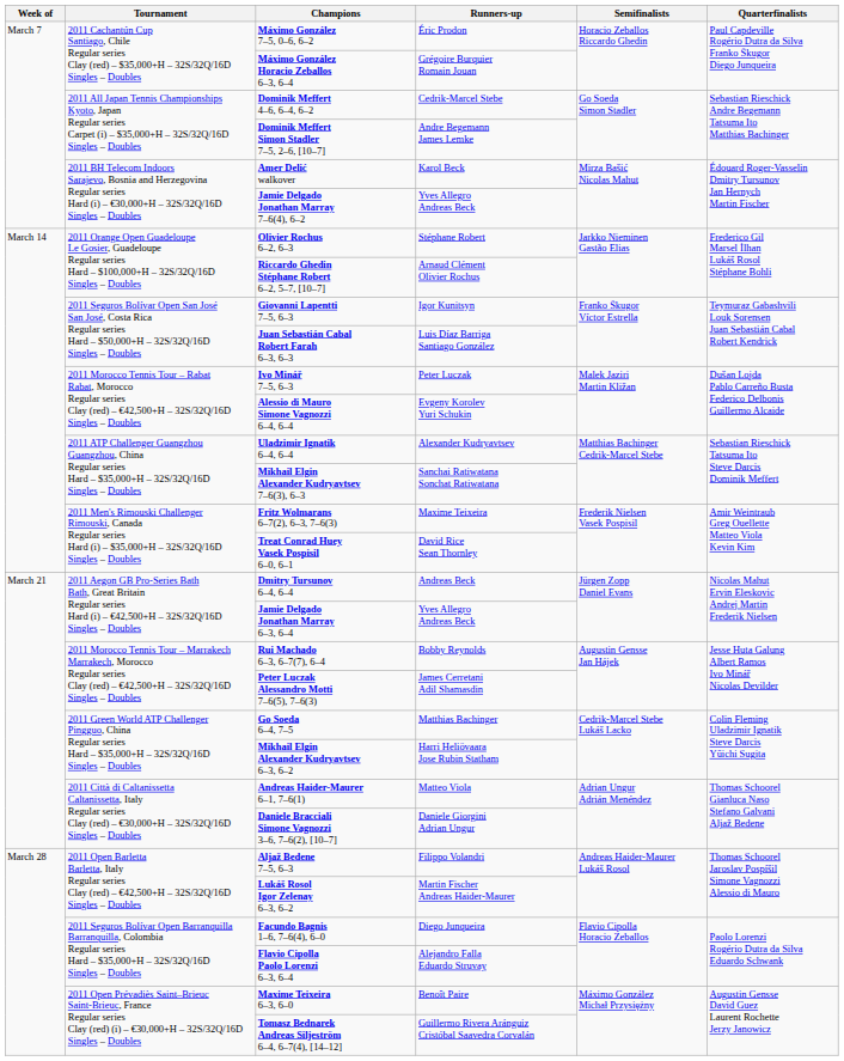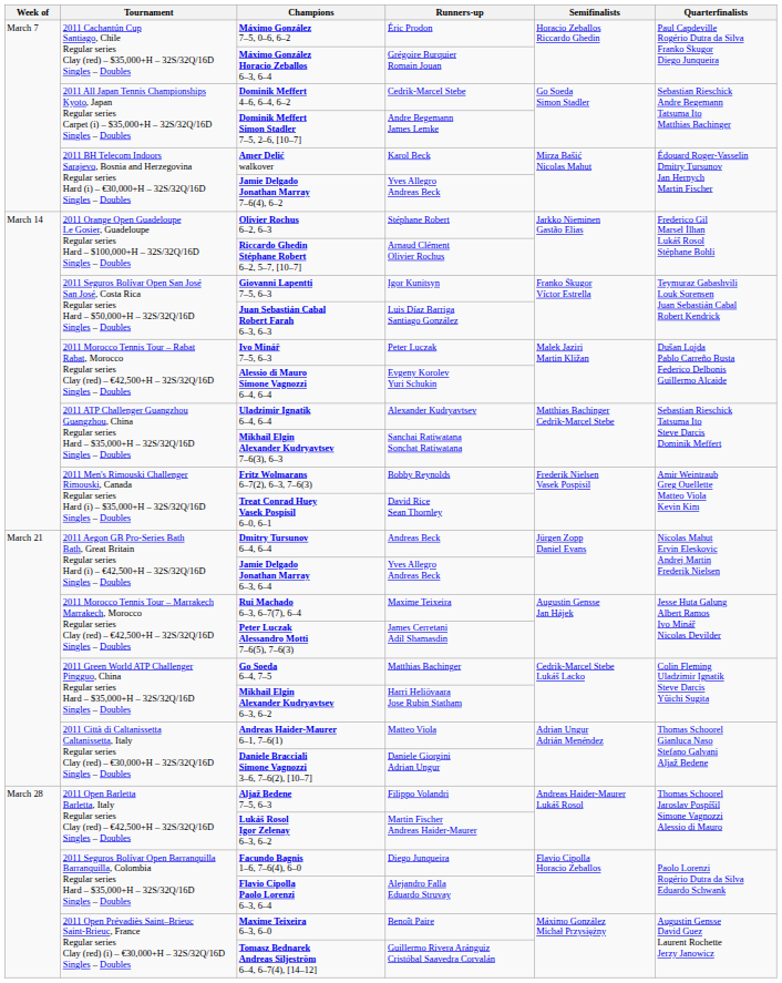 <table class=wikitable style=font-size:85%>
 <tr>
 <th width=75>Week of</th>
 <th width=250>Tournament</th>
 <th width=210>Champions</th>
 <th width=210>Runners-up</th>
 <th width=170>Semifinalists</th>
 <th width=170>Quarterfinalists</th>
 </tr>
 <tr valign=top>
 <td rowspan=6>March 7</td>
 <td rowspan=2><a href='#'>2011 Cachantún Cup</a><br> <a href='#'>Santiago</a>, Chile<br>Regular series<br>Clay (red) – $35,000+H – 32S/32Q/16D<br><a href='#'>Singles</a> – <a href='#'>Doubles</a></td>
 <td> <strong><a href='#'>Máximo González</a></strong><br>7–5, 0–6, 6–2</td>
 <td> <a href='#'>Éric Prodon</a></td>
 <td rowspan=2> <a href='#'>Horacio Zeballos</a><br> <a href='#'>Riccardo Ghedin</a></td>
 <td rowspan=2> <a href='#'>Paul Capdeville</a><br> <a href='#'>Rogério Dutra da Silva</a><br> <a href='#'>Franko Škugor</a><br> <a href='#'>Diego Junqueira</a></td>
 </tr>
 <tr valign=top>
 <td> <strong><a href='#'>Máximo González</a></strong><br> <strong><a href='#'>Horacio Zeballos</a></strong><br>6–3, 6–4</td>
 <td> <a href='#'>Grégoire Burquier</a><br> <a href='#'>Romain Jouan</a></td>
 </tr>
 <tr valign=top>
 <td rowspan=2><a href='#'>2011 All Japan Tennis Championships</a><br> <a href='#'>Kyoto</a>, Japan<br>Regular series<br>Carpet (i) – $35,000+H – 32S/32Q/16D<br><a href='#'>Singles</a> – <a href='#'>Doubles</a></td>
 <td> <strong><a href='#'>Dominik Meffert</a></strong><br>4–6, 6–4, 6–2</td>
 <td> <a href='#'>Cedrik-Marcel Stebe</a></td>
 <td rowspan=2> <a href='#'>Go Soeda</a><br> <a href='#'>Simon Stadler</a></td>
 <td rowspan=2> <a href='#'>Sebastian Rieschick</a><br> <a href='#'>Andre Begemann</a><br> <a href='#'>Tatsuma Ito</a><br> <a href='#'>Matthias Bachinger</a></td>
 </tr>
 <tr valign=top>
 <td> <strong><a href='#'>Dominik Meffert</a></strong><br> <strong><a href='#'>Simon Stadler</a></strong><br>7–5, 2–6, [10–7]</td>
 <td> <a href='#'>Andre Begemann</a><br> <a href='#'>James Lemke</a></td>
 </tr>
 <tr valign=top>
 <td rowspan=2><a href='#'>2011 BH Telecom Indoors</a><br> <a href='#'>Sarajevo</a>, Bosnia and Herzegovina<br>Regular series<br>Hard (i) – €30,000+H – 32S/32Q/16D<br><a href='#'>Singles</a> – <a href='#'>Doubles</a></td>
 <td> <strong><a href='#'>Amer Delić</a></strong><br>walkover</td>
 <td> <a href='#'>Karol Beck</a></td>
 <td rowspan=2> <a href='#'>Mirza Bašić</a><br> <a href='#'>Nicolas Mahut</a></td>
 <td rowspan=2> <a href='#'>Édouard Roger-Vasselin</a><br> <a href='#'>Dmitry Tursunov</a><br> <a href='#'>Jan Hernych</a><br> <a href='#'>Martin Fischer</a></td>
 </tr>
 <tr valign=top>
 <td> <strong><a href='#'>Jamie Delgado</a></strong><br> <strong><a href='#'>Jonathan Marray</a></strong><br>7–6(4), 6–2</td>
 <td> <a href='#'>Yves Allegro</a><br> <a href='#'>Andreas Beck</a></td>
 </tr>
 <tr valign=top>
 <td rowspan=10>March 14</td>
 <td rowspan=2><a href='#'>2011 Orange Open Guadeloupe</a><br> <a href='#'>Le Gosier</a>, Guadeloupe<br>Regular series<br>Hard – $100,000+H – 32S/32Q/16D<br><a href='#'>Singles</a> – <a href='#'>Doubles</a></td>
 <td> <strong><a href='#'>Olivier Rochus</a></strong><br>6–2, 6–3</td>
 <td> <a href='#'>Stéphane Robert</a></td>
 <td rowspan=2> <a href='#'>Jarkko Nieminen</a><br> <a href='#'>Gastão Elias</a></td>
 <td rowspan=2> <a href='#'>Frederico Gil</a><br> <a href='#'>Marsel İlhan</a><br> <a href='#'>Lukáš Rosol</a><br> <a href='#'>Stéphane Bohli</a></td>
 </tr>
 <tr valign=top>
 <td> <strong><a href='#'>Riccardo Ghedin</a></strong><br> <strong><a href='#'>Stéphane Robert</a></strong><br>6–2, 5–7, [10–7]</td>
 <td> <a href='#'>Arnaud Clément</a><br> <a href='#'>Olivier Rochus</a></td>
 </tr>
 <tr valign=top>
 <td rowspan=2><a href='#'>2011 Seguros Bolívar Open San José</a><br> <a href='#'>San José</a>, Costa Rica<br>Regular series<br>Hard – $50,000+H – 32S/32Q/16D<br><a href='#'>Singles</a> – <a href='#'>Doubles</a></td>
 <td> <strong><a href='#'>Giovanni Lapentti</a></strong><br>7–5, 6–3</td>
 <td> <a href='#'>Igor Kunitsyn</a></td>
 <td rowspan=2> <a href='#'>Franko Škugor</a><br> <a href='#'>Víctor Estrella</a></td>
 <td rowspan=2> <a href='#'>Teymuraz Gabashvili</a><br> <a href='#'>Louk Sorensen</a><br> <a href='#'>Juan Sebastián Cabal</a><br> <a href='#'>Robert Kendrick</a></td>
 </tr>
 <tr valign=top>
 <td> <strong><a href='#'>Juan Sebastián Cabal</a></strong><br> <strong><a href='#'>Robert Farah</a></strong><br>6–3, 6–3</td>
 <td> <a href='#'>Luis Díaz Barriga</a><br> <a href='#'>Santiago González</a></td>
 </tr>
 <tr valign=top>
 <td rowspan=2><a href='#'>2011 Morocco Tennis Tour – Rabat</a><br> <a href='#'>Rabat</a>, Morocco<br>Regular series<br>Clay (red) – €42,500+H – 32S/32Q/16D<br><a href='#'>Singles</a> – <a href='#'>Doubles</a></td>
 <td> <strong><a href='#'>Ivo Minář</a></strong><br>7–5, 6–3</td>
 <td> <a href='#'>Peter Luczak</a></td>
 <td rowspan=2> <a href='#'>Malek Jaziri</a><br> <a href='#'>Martin Kližan</a></td>
 <td rowspan=2> <a href='#'>Dušan Lojda</a><br> <a href='#'>Pablo Carreño Busta</a><br> <a href='#'>Federico Delbonis</a><br> <a href='#'>Guillermo Alcaide</a></td>
 </tr>
 <tr valign=top>
 <td> <strong><a href='#'>Alessio di Mauro</a></strong><br> <strong><a href='#'>Simone Vagnozzi</a></strong><br>6–4, 6–4</td>
 <td> <a href='#'>Evgeny Korolev</a><br> <a href='#'>Yuri Schukin</a></td>
 </tr>
 <tr valign=top>
 <td rowspan=2><a href='#'>2011 ATP Challenger Guangzhou</a><br> <a href='#'>Guangzhou</a>, China<br>Regular series<br>Hard – $35,000+H – 32S/32Q/16D<br><a href='#'>Singles</a> – <a href='#'>Doubles</a></td>
 <td> <strong><a href='#'>Uladzimir Ignatik</a></strong><br>6–4, 6–4</td>
 <td> <a href='#'>Alexander Kudryavtsev</a></td>
 <td rowspan=2> <a href='#'>Matthias Bachinger</a><br> <a href='#'>Cedrik-Marcel Stebe</a></td>
 <td rowspan=2> <a href='#'>Sebastian Rieschick</a><br> <a href='#'>Tatsuma Ito</a><br> <a href='#'>Steve Darcis</a><br> <a href='#'>Dominik Meffert</a></td>
 </tr>
 <tr valign=top>
 <td> <strong><a href='#'>Mikhail Elgin</a></strong><br> <strong><a href='#'>Alexander Kudryavtsev</a></strong><br>7–6(3), 6–3</td>
 <td> <a href='#'>Sanchai Ratiwatana</a><br> <a href='#'>Sonchat Ratiwatana</a></td>
 </tr>
 <tr valign=top>
 <td rowspan=2><a href='#'>2011 Men's Rimouski Challenger</a><br> <a href='#'>Rimouski</a>, Canada<br>Regular series<br>Hard (i) – $35,000+H – 32S/32Q/16D<br><a href='#'>Singles</a> – <a href='#'>Doubles</a></td>
 <td> <strong><a href='#'>Fritz Wolmarans</a></strong><br>6–7(2), 6–3, 7–6(3)</td>
-<td> <a href='#'>Maxime Teixeira</a></td>
+<td> <a href='#'>Bobby Reynolds</a></td>
 <td rowspan=2> <a href='#'>Frederik Nielsen</a><br> <a href='#'>Vasek Pospisil</a></td>
 <td rowspan=2> <a href='#'>Amir Weintraub</a><br> <a href='#'>Greg Ouellette</a><br> <a href='#'>Matteo Viola</a><br> <a href='#'>Kevin Kim</a></td>
 </tr>
 <tr valign=top>
 <td> <strong><a href='#'>Treat Conrad Huey</a></strong><br> <strong><a href='#'>Vasek Pospisil</a></strong><br>6–0, 6–1</td>
 <td> <a href='#'>David Rice</a><br> <a href='#'>Sean Thornley</a></td>
 </tr>
 <tr valign=top>
 <td rowspan=8>March 21</td>
 <td rowspan=2><a href='#'>2011 Aegon GB Pro-Series Bath</a><br><a href='#'>Bath</a>, Great Britain<br>Regular series<br>Hard (i) – €42,500+H – 32S/32Q/16D<br><a href='#'>Singles</a> – <a href='#'>Doubles</a></td>
 <td> <strong><a href='#'>Dmitry Tursunov</a></strong><br>6–4, 6–4</td>
 <td> <a href='#'>Andreas Beck</a></td>
 <td rowspan=2> <a href='#'>Jürgen Zopp</a><br> <a href='#'>Daniel Evans</a></td>
 <td rowspan=2> <a href='#'>Nicolas Mahut</a><br> <a href='#'>Ervin Eleskovic</a><br> <a href='#'>Andrej Martin</a><br> <a href='#'>Frederik Nielsen</a></td>
 </tr>
 <tr valign=top>
 <td> <strong><a href='#'>Jamie Delgado</a></strong><br> <strong><a href='#'>Jonathan Marray</a></strong><br>6–3, 6–4</td>
 <td> <a href='#'>Yves Allegro</a><br> <a href='#'>Andreas Beck</a></td>
 </tr>
 <tr valign=top>
 <td rowspan=2><a href='#'>2011 Morocco Tennis Tour – Marrakech</a><br> <a href='#'>Marrakech</a>, Morocco<br>Regular series<br>Clay (red) – €42,500+H – 32S/32Q/16D<br><a href='#'>Singles</a> – <a href='#'>Doubles</a></td>
 <td> <strong><a href='#'>Rui Machado</a></strong><br>6–3, 6–7(7), 6–4</td>
-<td> <a href='#'>Bobby Reynolds</a></td>
+<td> <a href='#'>Maxime Teixeira</a></td>
 <td rowspan=2> <a href='#'>Augustin Gensse</a><br> <a href='#'>Jan Hájek</a></td>
 <td rowspan=2> <a href='#'>Jesse Huta Galung</a><br> <a href='#'>Albert Ramos</a><br> <a href='#'>Ivo Minář</a><br> <a href='#'>Nicolas Devilder</a></td>
 </tr>
 <tr valign=top>
 <td> <strong><a href='#'>Peter Luczak</a></strong><br> <strong><a href='#'>Alessandro Motti</a></strong><br>7–6(5), 7–6(3)</td>
 <td> <a href='#'>James Cerretani</a><br> <a href='#'>Adil Shamasdin</a></td>
 </tr>
 <tr valign=top>
 <td rowspan=2><a href='#'>2011 Green World ATP Challenger</a><br> <a href='#'>Pingguo</a>, China<br>Regular series<br>Hard – $35,000+H – 32S/32Q/16D<br><a href='#'>Singles</a> – <a href='#'>Doubles</a></td>
 <td> <strong><a href='#'>Go Soeda</a></strong><br>6–4, 7–5</td>
 <td> <a href='#'>Matthias Bachinger</a></td>
 <td rowspan=2> <a href='#'>Cedrik-Marcel Stebe</a><br> <a href='#'>Lukáš Lacko</a></td>
 <td rowspan=2> <a href='#'>Colin Fleming</a><br> <a href='#'>Uladzimir Ignatik</a><br> <a href='#'>Steve Darcis</a><br> <a href='#'>Yūichi Sugita</a></td>
 </tr>
 <tr valign=top>
 <td> <strong><a href='#'>Mikhail Elgin</a></strong><br> <strong><a href='#'>Alexander Kudryavtsev</a></strong><br>6–3, 6–2</td>
 <td> <a href='#'>Harri Heliövaara</a><br> <a href='#'>Jose Rubin Statham</a></td>
 </tr>
 <tr valign=top>
 <td rowspan=2><a href='#'>2011 Città di Caltanissetta</a><br> <a href='#'>Caltanissetta</a>, Italy<br>Regular series<br>Clay (red) – €30,000+H – 32S/32Q/16D<br><a href='#'>Singles</a> – <a href='#'>Doubles</a></td>
 <td> <strong><a href='#'>Andreas Haider-Maurer</a></strong><br>6–1, 7–6(1)</td>
 <td> <a href='#'>Matteo Viola</a></td>
 <td rowspan=2> <a href='#'>Adrian Ungur</a><br> <a href='#'>Adrián Menéndez</a></td>
 <td rowspan=2> <a href='#'>Thomas Schoorel</a><br> <a href='#'>Gianluca Naso</a><br> <a href='#'>Stefano Galvani</a><br> <a href='#'>Aljaž Bedene</a></td>
 </tr>
 <tr valign=top>
 <td> <strong><a href='#'>Daniele Bracciali</a></strong><br> <strong><a href='#'>Simone Vagnozzi</a></strong><br>3–6, 7–6(2), [10–7]</td>
 <td> <a href='#'>Daniele Giorgini</a><br> <a href='#'>Adrian Ungur</a></td>
 </tr>
 <tr valign=top>
 <td rowspan=6>March 28</td>
 <td rowspan=2><a href='#'>2011 Open Barletta</a><br><a href='#'>Barletta</a>, Italy<br>Regular series<br>Clay (red) – €42,500+H – 32S/32Q/16D<br><a href='#'>Singles</a> – <a href='#'>Doubles</a></td>
 <td> <strong><a href='#'>Aljaž Bedene</a></strong><br>7–5, 6–3</td>
 <td> <a href='#'>Filippo Volandri</a></td>
 <td rowspan=2> <a href='#'>Andreas Haider-Maurer</a><br> <a href='#'>Lukáš Rosol</a></td>
 <td rowspan=2> <a href='#'>Thomas Schoorel</a><br> <a href='#'>Jaroslav Pospíšil</a><br> <a href='#'>Simone Vagnozzi</a><br> <a href='#'>Alessio di Mauro</a></td>
 </tr>
 <tr valign=top>
 <td> <strong><a href='#'>Lukáš Rosol</a></strong><br> <strong><a href='#'>Igor Zelenay</a></strong><br>6–3, 6–2</td>
 <td> <a href='#'>Martin Fischer</a><br> <a href='#'>Andreas Haider-Maurer</a></td>
 </tr>
 <tr valign=top>
 <td rowspan=2><a href='#'>2011 Seguros Bolívar Open Barranquilla</a><br><a href='#'>Barranquilla</a>, Colombia<br>Regular series<br>Hard – $35,000+H – 32S/32Q/16D<br><a href='#'>Singles</a> – <a href='#'>Doubles</a></td>
 <td> <strong><a href='#'>Facundo Bagnis</a></strong><br>1–6, 7–6(4), 6–0</td>
 <td> <a href='#'>Diego Junqueira</a></td>
 <td rowspan=2> <a href='#'>Flavio Cipolla</a><br> <a href='#'>Horacio Zeballos</a></td>
 <td rowspan=2><br> <a href='#'>Paolo Lorenzi</a><br> <a href='#'>Rogério Dutra da Silva</a><br> <a href='#'>Eduardo Schwank</a></td>
 </tr>
 <tr valign=top>
 <td> <strong><a href='#'>Flavio Cipolla</a></strong><br> <strong><a href='#'>Paolo Lorenzi</a></strong><br>6–3, 6–4</td>
 <td> <a href='#'>Alejandro Falla</a><br> <a href='#'>Eduardo Struvay</a></td>
 </tr>
 <tr valign=top>
 <td rowspan=2><a href='#'>2011 Open Prévadiès Saint–Brieuc</a><br> <a href='#'>Saint-Brieuc</a>, France<br>Regular series<br>Clay (red) (i) – €30,000+H – 32S/32Q/16D<br><a href='#'>Singles</a> – <a href='#'>Doubles</a></td>
 <td> <strong><a href='#'>Maxime Teixeira</a></strong><br>6–3, 6–0</td>
 <td> <a href='#'>Benoît Paire</a></td>
 <td rowspan=2> <a href='#'>Máximo González</a><br> <a href='#'>Michał Przysiężny</a></td>
 <td rowspan=2> <a href='#'>Augustin Gensse</a><br> <a href='#'>David Guez</a><br> Laurent Rochette<br> <a href='#'>Jerzy Janowicz</a></td>
 </tr>
 <tr valign=top>
 <td> <strong><a href='#'>Tomasz Bednarek</a></strong><br> <strong><a href='#'>Andreas Siljeström</a></strong><br>6–4, 6–7(4), [14–12]</td>
 <td> <a href='#'>Guillermo Rivera Aránguiz</a><br> <a href='#'>Cristóbal Saavedra Corvalán</a></td>
 </tr>
 </table>
